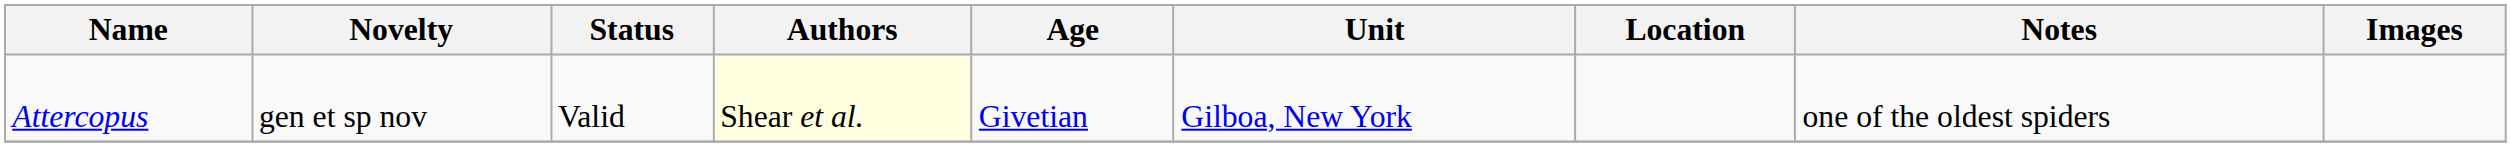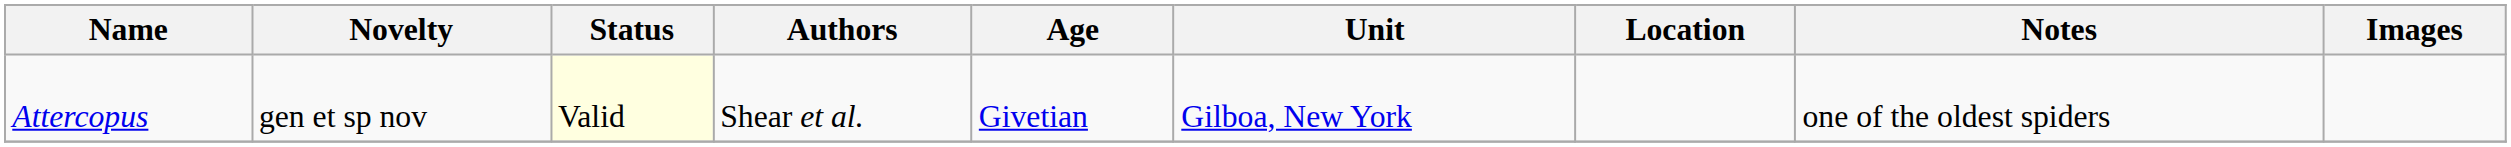 <table class="wikitable sortable" align="center" width="100%">
 <tr>
 <th>Name</th>
 <th>Novelty</th>
 <th>Status</th>
 <th>Authors</th>
 <th>Age</th>
 <th>Unit</th>
 <th>Location</th>
 <th>Notes</th>
 <th>Images</th>
 </tr>
 <tr>
 <td><br><em><a href='#'>Attercopus</a></em></td>
 <td><br>gen et sp nov</td>
-<td><br>Valid</td>
-<td style="background: lightyellow;"><br>Shear <em>et al.</em></td>
+<td style="background: lightyellow;"><br>Valid</td>
+<td><br>Shear <em>et al.</em></td>
 <td><br><a href='#'>Givetian</a></td>
 <td><br><a href='#'>Gilboa, New York</a></td>
 <td><br></td>
 <td><br>one of the oldest spiders</td>
 <td></td>
 </tr>
 <tr>
 </tr>
 </table>
